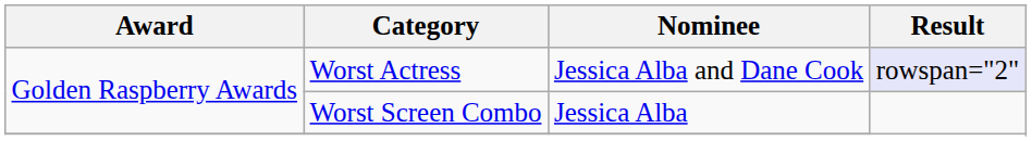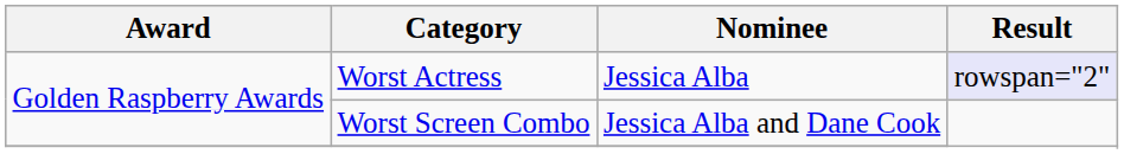 <table class="wikitable sortable plainrowheaders">
 <tr>
 <th>Award</th>
 <th>Category</th>
 <th>Nominee</th>
 <th>Result</th>
 </tr>
 <tr>
 <td rowspan="2"><a href='#'>Golden Raspberry Awards</a></td>
 <td><a href='#'>Worst Actress</a></td>
-<td><a href='#'>Jessica Alba</a> and <a href='#'>Dane Cook</a></td>
+<td><a href='#'>Jessica Alba</a></td>
 <td style="background: lavender;">rowspan="2" </td>
 </tr>
 <tr>
 <td><a href='#'>Worst Screen Combo</a></td>
-<td><a href='#'>Jessica Alba</a></td>
+<td><a href='#'>Jessica Alba</a> and <a href='#'>Dane Cook</a></td>
 </tr>
 <tr>
 </tr>
 </table>
